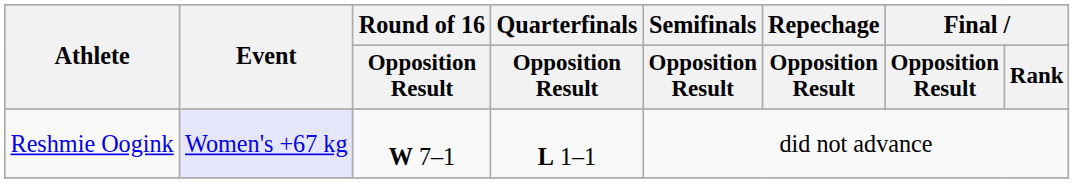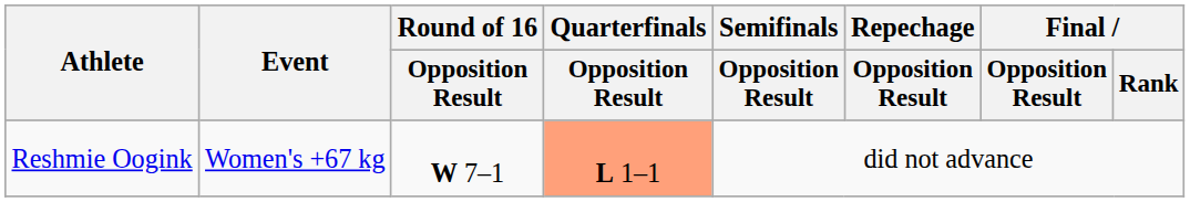 <table class="wikitable" style="font-size:90%;">
 <tr>
 <th rowspan=2>Athlete</th>
 <th rowspan=2>Event</th>
 <th>Round of 16</th>
 <th>Quarterfinals</th>
 <th>Semifinals</th>
 <th>Repechage</th>
 <th colspan=2>Final / </th>
 </tr>
 <tr style="font-size:95%">
 <th>Opposition<br>Result</th>
 <th>Opposition<br>Result</th>
 <th>Opposition<br>Result</th>
 <th>Opposition<br>Result</th>
 <th>Opposition<br>Result</th>
 <th>Rank</th>
 </tr>
 <tr align=center>
 <td align=left><a href='#'>Reshmie Oogink</a></td>
-<td align=left style="background: lavender;"><a href='#'>Women's +67 kg</a></td>
+<td align=left><a href='#'>Women's +67 kg</a></td>
 <td><br><strong>W</strong> 7–1</td>
-<td><br><strong>L</strong> 1–1 </td>
+<td style="background: lightsalmon;"><br><strong>L</strong> 1–1 </td>
 <td colspan=4>did not advance</td>
 </tr>
 </table>
